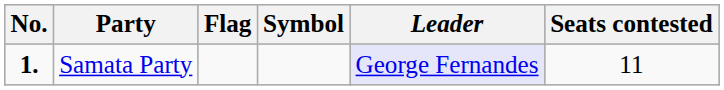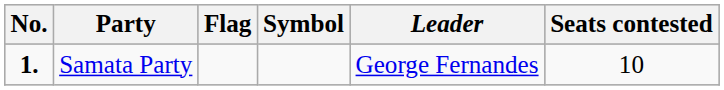 <table class="wikitable">
 <tr>
 <th>No.</th>
 <th>Party</th>
 <th><strong>Flag</strong></th>
 <th>Symbol</th>
 <th><em>Leader</em></th>
 <th>Seats contested</th>
 </tr>
 <tr>
 <td ! style="text-align:center; background:"><strong>1.</strong></td>
 <td style="text-align:center"><a href='#'>Samata Party</a></td>
 <td></td>
 <td></td>
-<td style="background: lavender; text-align:center"><a href='#'>George Fernandes</a></td>
-<td style="text-align:center">11</td>
+<td style="text-align:center"><a href='#'>George Fernandes</a></td>
+<td style="text-align:center">10</td>
 </tr>
 </table>
